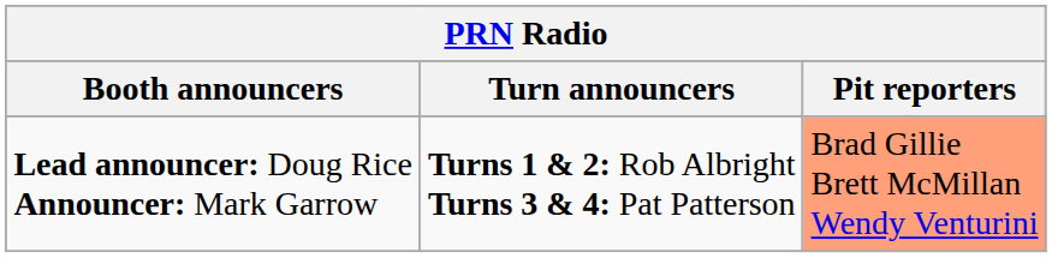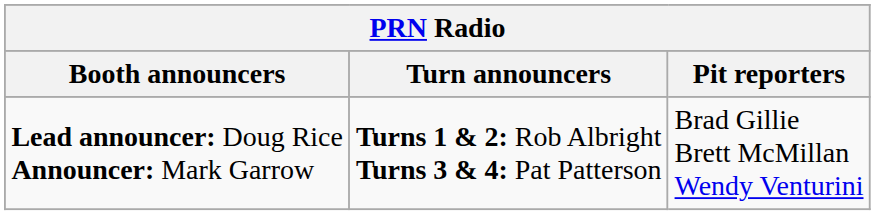 <table class="wikitable" style="font-size: 95%">
 <tr>
 <th colspan="3"><a href='#'>PRN</a> Radio</th>
 </tr>
 <tr>
 <th>Booth announcers</th>
 <th>Turn announcers</th>
 <th>Pit reporters</th>
 </tr>
 <tr>
 <td><strong>Lead announcer:</strong> Doug Rice<br><strong>Announcer:</strong> Mark Garrow</td>
 <td><strong>Turns 1 & 2:</strong> Rob Albright<br><strong>Turns 3 & 4:</strong> Pat Patterson</td>
-<td style="background: lightsalmon;">Brad Gillie<br>Brett McMillan<br><a href='#'>Wendy Venturini</a></td>
+<td>Brad Gillie<br>Brett McMillan<br><a href='#'>Wendy Venturini</a></td>
 </tr>
 </table>
